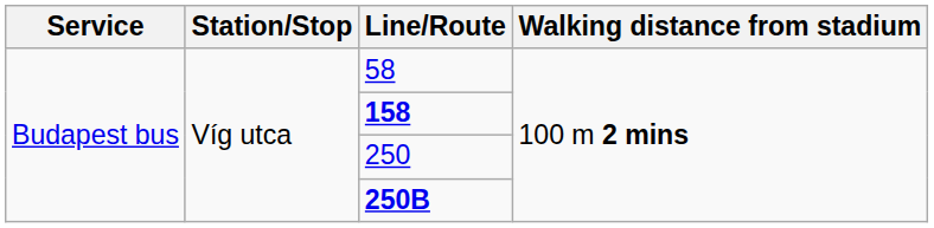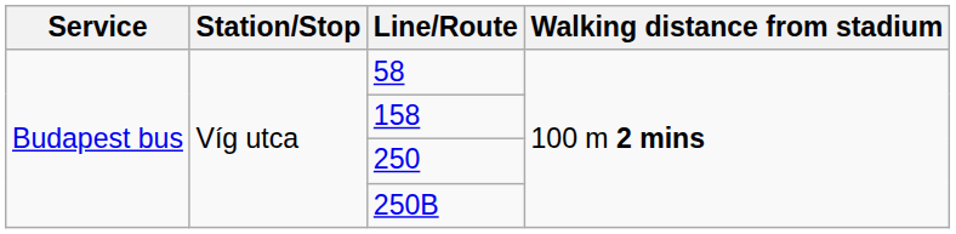 <table class="wikitable">
 <tr>
 <th>Service</th>
 <th>Station/Stop</th>
 <th>Line/Route</th>
 <th>Walking distance from stadium</th>
 </tr>
 <tr>
 <td rowspan=4><a href='#'>Budapest bus</a></td>
 <td rowspan=4>Víg utca</td>
 <td align=left> <a href='#'>58</a></td>
 <td rowspan=4>100 m <strong>2 mins</strong></td>
 </tr>
 <tr>
-<td align=left><strong> <a href='#'>158</a></strong></td>
+<td align=left> <a href='#'>158</a></td>
 </tr>
 <tr>
 <td align=left> <a href='#'>250</a></td>
 </tr>
 <tr>
-<td align=left><strong> <a href='#'>250B</a></strong></td>
+<td align=left> <a href='#'>250B</a></td>
 </tr>
 </table>
